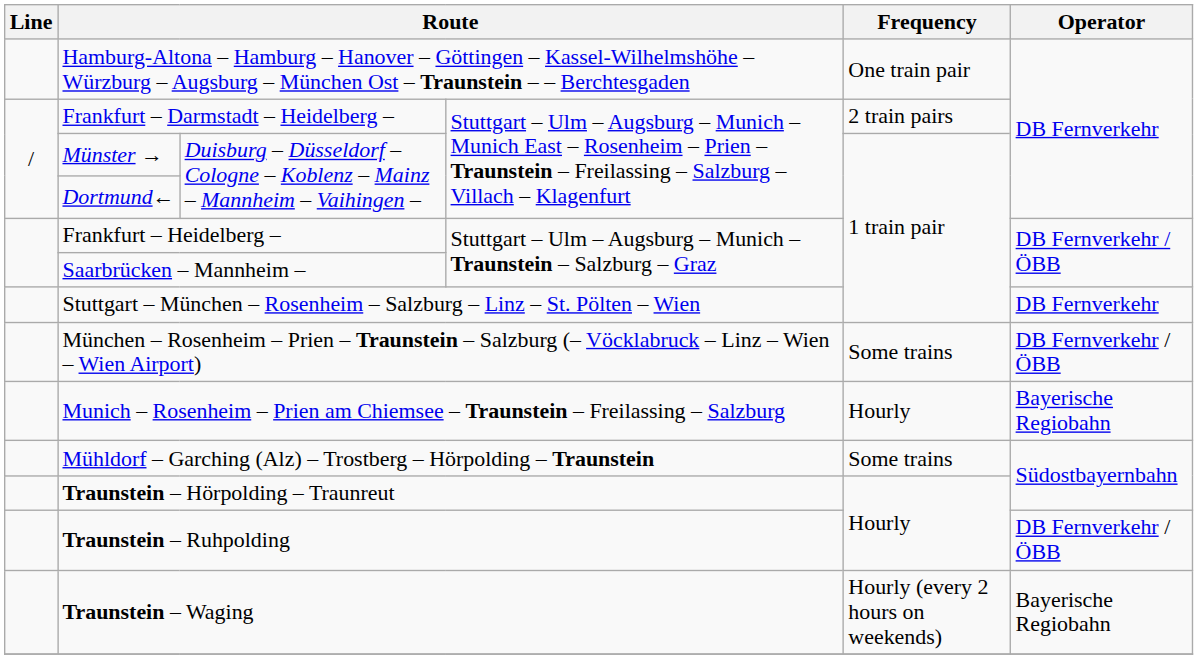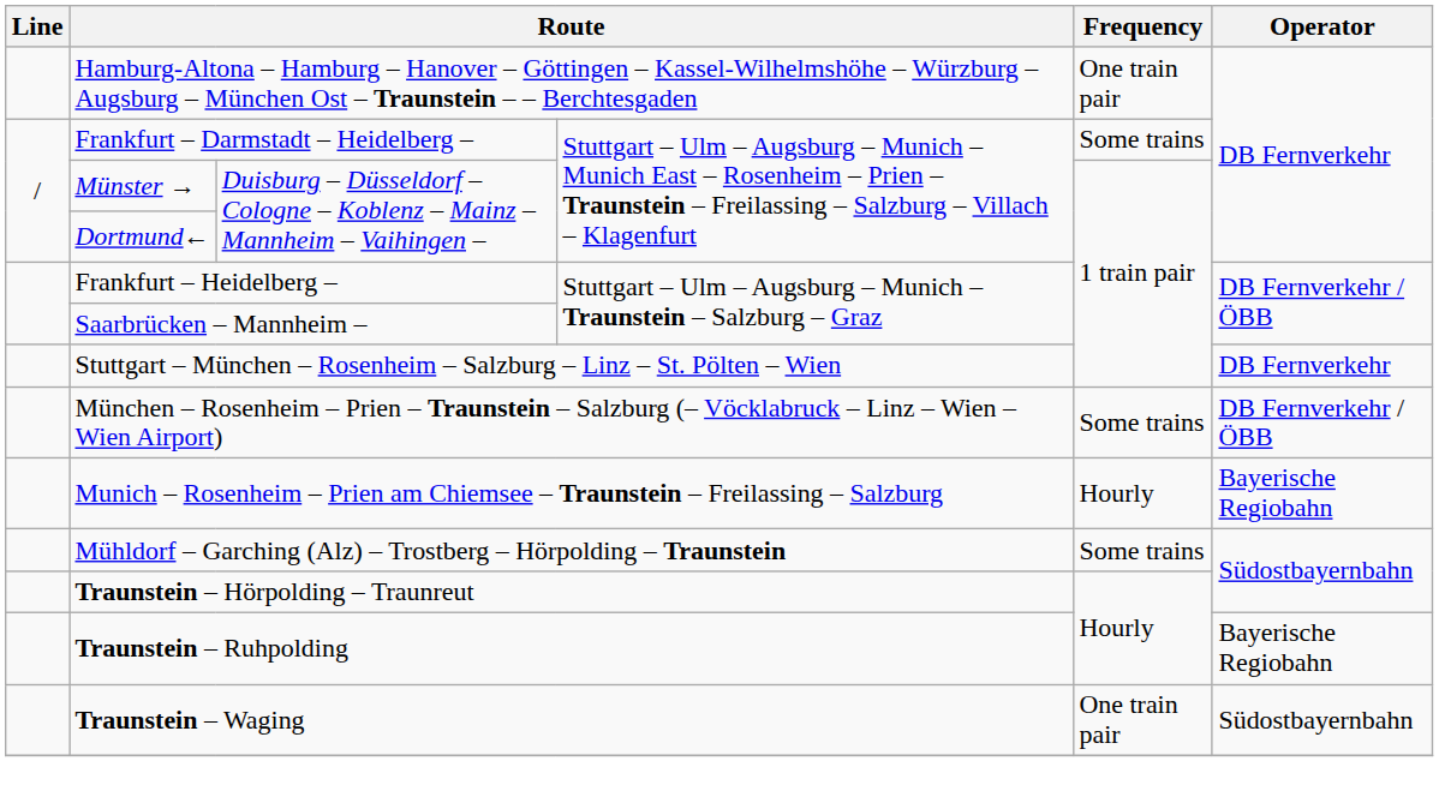 <table class="wikitable">
 <tr>
 <th>Line</th>
 <th colspan="3">Route</th>
 <th>Frequency</th>
 <th>Operator</th>
 </tr>
 <tr>
 <td align="center"></td>
 <td colspan="3"><a href='#'>Hamburg-Altona</a> – <a href='#'>Hamburg</a> – <a href='#'>Hanover</a> – <a href='#'>Göttingen</a> – <a href='#'>Kassel-Wilhelmshöhe</a> – <a href='#'>Würzburg</a> – <a href='#'>Augsburg</a> – <a href='#'>München Ost</a> – <strong>Traunstein</strong> –  – <a href='#'>Berchtesgaden</a></td>
 <td>One train pair</td>
 <td rowspan="4"><a href='#'>DB Fernverkehr</a></td>
 </tr>
 <tr>
 <td rowspan="3" align="center"> / </td>
 <td colspan="2"><a href='#'>Frankfurt</a> – <a href='#'>Darmstadt</a> – <a href='#'>Heidelberg</a> –</td>
 <td rowspan="3"><a href='#'>Stuttgart</a> – <a href='#'>Ulm</a> – <a href='#'>Augsburg</a> – <a href='#'>Munich</a> – <a href='#'>Munich East</a> – <a href='#'>Rosenheim</a> – <a href='#'>Prien</a> – <strong>Traunstein</strong> – Freilassing – <a href='#'>Salzburg</a> – <a href='#'>Villach</a> – <a href='#'>Klagenfurt</a></td>
-<td>2 train pairs</td>
+<td>Some trains</td>
 </tr>
 <tr>
 <td><em><a href='#'>Münster</a> →</em></td>
 <td rowspan="2"><em><a href='#'>Duisburg</a> – <a href='#'>Düsseldorf</a> – <a href='#'>Cologne</a> – <a href='#'>Koblenz</a> – <a href='#'>Mainz</a> – <a href='#'>Mannheim</a> – <a href='#'>Vaihingen</a> –</em></td>
 <td rowspan="5">1 train pair</td>
 </tr>
 <tr>
 <td><em><a href='#'>Dortmund</a>←</em></td>
 </tr>
 <tr>
 <td rowspan="2" align="center"></td>
 <td colspan="2">Frankfurt – Heidelberg –</td>
 <td rowspan="2">Stuttgart – Ulm – Augsburg – Munich – <strong>Traunstein</strong> – Salzburg – <a href='#'>Graz</a></td>
 <td rowspan=2><a href='#'>DB Fernverkehr /ÖBB</a></td>
 </tr>
 <tr>
 <td colspan="2"><a href='#'>Saarbrücken</a> – Mannheim –</td>
 </tr>
 <tr>
 <td align="center"></td>
 <td colspan="3">Stuttgart – München – <a href='#'>Rosenheim</a> – Salzburg – <a href='#'>Linz</a> – <a href='#'>St. Pölten</a> – <a href='#'>Wien</a></td>
 <td><a href='#'>DB Fernverkehr</a></td>
 </tr>
 <tr>
 <td></td>
 <td colspan="3">München – Rosenheim – Prien – <strong>Traunstein</strong> – Salzburg (– <a href='#'>Vöcklabruck</a> – Linz – Wien – <a href='#'>Wien Airport</a>)</td>
 <td>Some trains</td>
 <td><a href='#'>DB Fernverkehr</a> /<a href='#'>ÖBB</a></td>
 </tr>
 <tr>
 <td align="center"></td>
 <td colspan="3"><a href='#'>Munich</a> – <a href='#'>Rosenheim</a> – <a href='#'>Prien am Chiemsee</a> – <strong>Traunstein</strong> – Freilassing – <a href='#'>Salzburg</a></td>
 <td>Hourly</td>
 <td><a href='#'>Bayerische Regiobahn</a></td>
 </tr>
 <tr>
 <td align="center"></td>
 <td colspan="3"><a href='#'>Mühldorf</a> – Garching (Alz) – Trostberg – Hörpolding – <strong>Traunstein</strong></td>
 <td>Some trains</td>
 <td rowspan="2"><a href='#'>Südostbayernbahn</a></td>
 </tr>
 <tr>
 <td align="center"></td>
 <td colspan="3"><strong>Traunstein</strong> – Hörpolding – Traunreut</td>
 <td rowspan="2">Hourly</td>
 </tr>
 <tr>
 <td align="center"></td>
 <td colspan="3"><strong>Traunstein</strong> – Ruhpolding</td>
-<td><a href='#'>DB Fernverkehr</a> /<a href='#'>ÖBB</a></td>
+<td>Bayerische Regiobahn</td>
 </tr>
 <tr>
 <td align="center"></td>
 <td colspan="3"><strong>Traunstein</strong> – Waging</td>
-<td>Hourly (every 2 hours on weekends)</td>
-<td>Bayerische Regiobahn</td>
+<td>One train pair</td>
+<td>Südostbayernbahn</td>
 </tr>
 <tr>
 </tr>
 </table>
